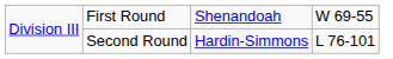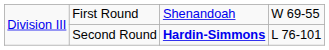 <table class="wikitable">
 <tr>
 <td rowspan="2"><a href='#'>Division III</a></td>
 <td>First Round</td>
 <td><a href='#'>Shenandoah</a></td>
 <td>W 69-55</td>
 </tr>
 <tr>
 <td>Second Round</td>
-<td><a href='#'>Hardin-Simmons</a></td>
+<td><strong><a href='#'>Hardin-Simmons</a></strong></td>
 <td>L 76-101</td>
 </tr>
 </table>
